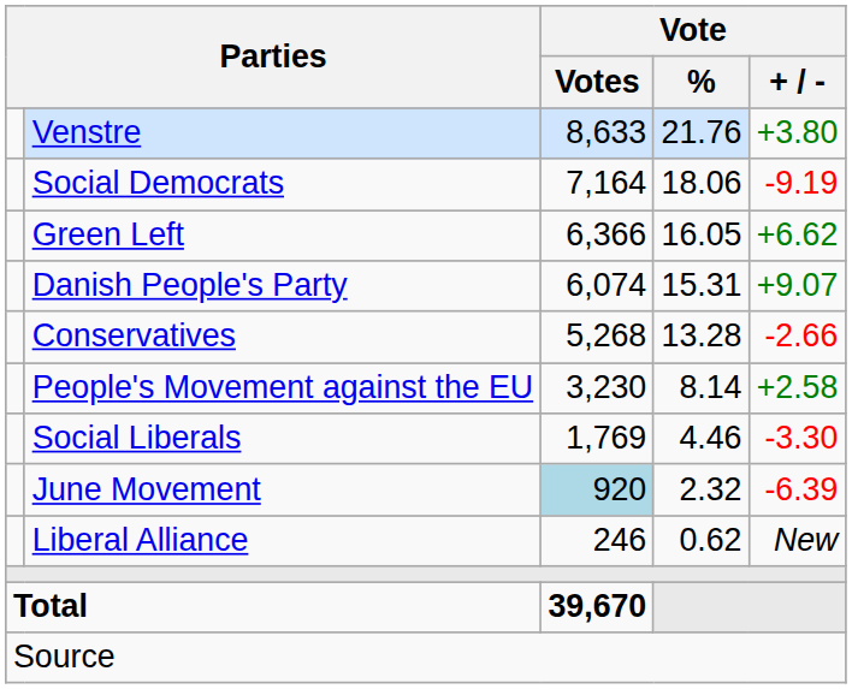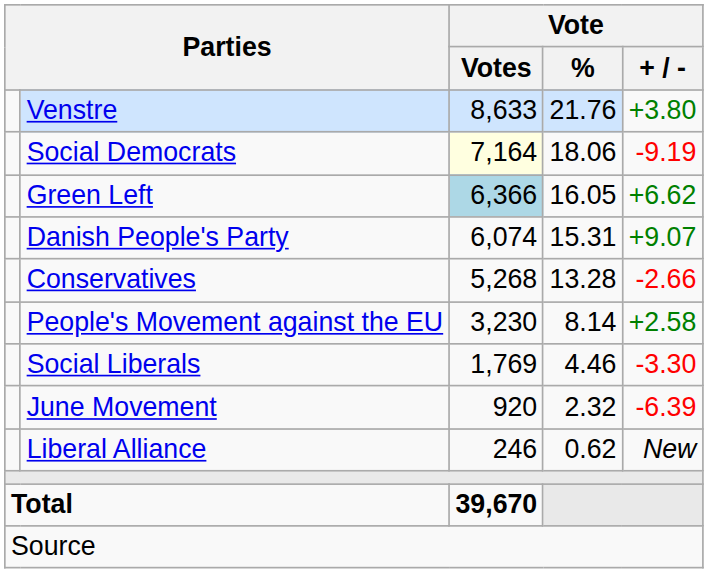 <table class="wikitable" style="text-align:right;">
 <tr>
 <th style="text-align:centre;" rowspan="2" colspan="2" width="225">Parties</th>
 <th colspan="3">Vote</th>
 </tr>
 <tr>
 <th width="15">Votes</th>
 <th width="15">%</th>
 <th width="15">+ / -</th>
 </tr>
 <tr>
 <td width="2" style="color:inherit;background:"></td>
 <td bgcolor=#cfe5fe   align="left"><a href='#'>Venstre</a></td>
 <td bgcolor=#cfe5fe>8,633</td>
 <td bgcolor=#cfe5fe>21.76</td>
 <td style=color:green;>+3.80</td>
 </tr>
 <tr>
 <td width="2" style="color:inherit;background:"></td>
 <td align="left"><a href='#'>Social Democrats</a></td>
-<td>7,164</td>
+<td style="background: lightyellow;">7,164</td>
 <td>18.06</td>
 <td style=color:red;>-9.19</td>
 </tr>
 <tr>
 <td width="2" style="color:inherit;background:"></td>
 <td align="left"><a href='#'>Green Left</a></td>
-<td>6,366</td>
+<td style="background: lightblue;">6,366</td>
 <td>16.05</td>
 <td style=color:green;>+6.62</td>
 </tr>
 <tr>
 <td width="2" style="color:inherit;background:"></td>
 <td align="left"><a href='#'>Danish People's Party</a></td>
 <td>6,074</td>
 <td>15.31</td>
 <td style=color:green;>+9.07</td>
 </tr>
 <tr>
 <td width="2" style="color:inherit;background:"></td>
 <td align="left"><a href='#'>Conservatives</a></td>
 <td>5,268</td>
 <td>13.28</td>
 <td style=color:red;>-2.66</td>
 </tr>
 <tr>
 <td width="2" style="color:inherit;background:"></td>
 <td align="left"><a href='#'>People's Movement against the EU</a></td>
 <td>3,230</td>
 <td>8.14</td>
 <td style=color:green;>+2.58</td>
 </tr>
 <tr>
 <td width="2" style="color:inherit;background:"></td>
 <td align="left"><a href='#'>Social Liberals</a></td>
 <td>1,769</td>
 <td>4.46</td>
 <td style=color:red;>-3.30</td>
 </tr>
 <tr>
 <td width="2" style="color:inherit;background:"></td>
 <td align="left"><a href='#'>June Movement</a></td>
-<td style="background: lightblue;">920</td>
+<td>920</td>
 <td>2.32</td>
 <td style=color:red;>-6.39</td>
 </tr>
 <tr>
 <td width="2" style="color:inherit;background:"></td>
 <td align="left"><a href='#'>Liberal Alliance</a></td>
 <td>246</td>
 <td>0.62</td>
 <td><em>New</em></td>
 </tr>
 <tr>
 <td colspan="7" bgcolor="#E9E9E9"></td>
 </tr>
 <tr>
 <td align="left" colspan="2"><strong>Total</strong></td>
 <td><strong>39,670</strong></td>
 <td bgcolor="#E9E9E9" colspan="2"></td>
 </tr>
 <tr>
 <td align="left" colspan="6">Source</td>
 </tr>
 </table>
